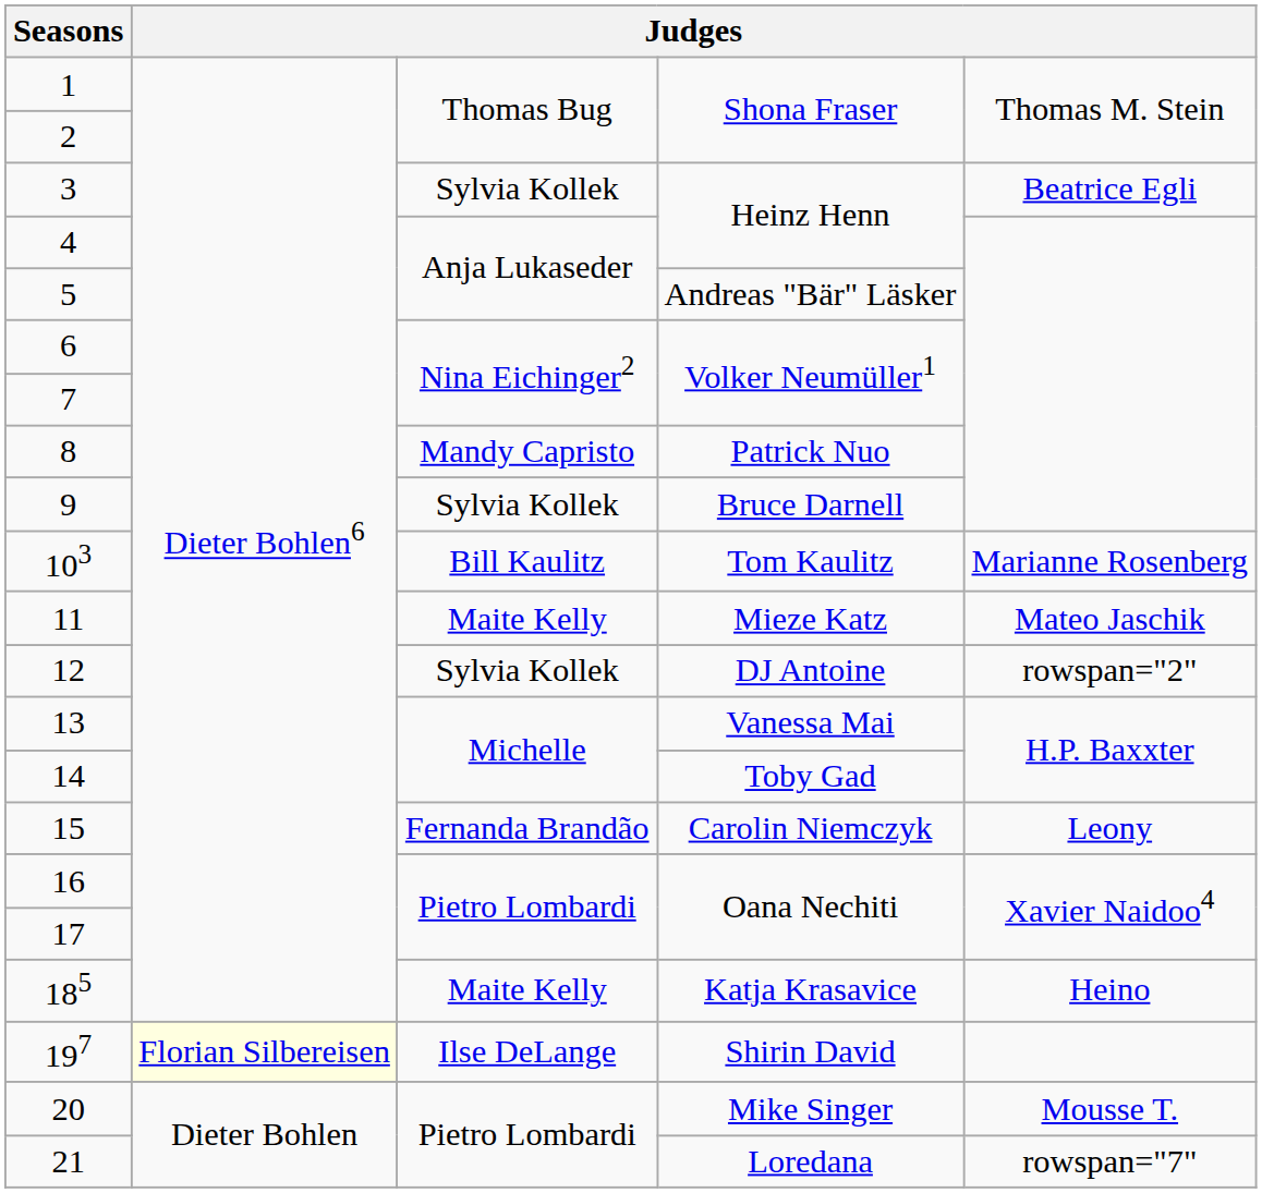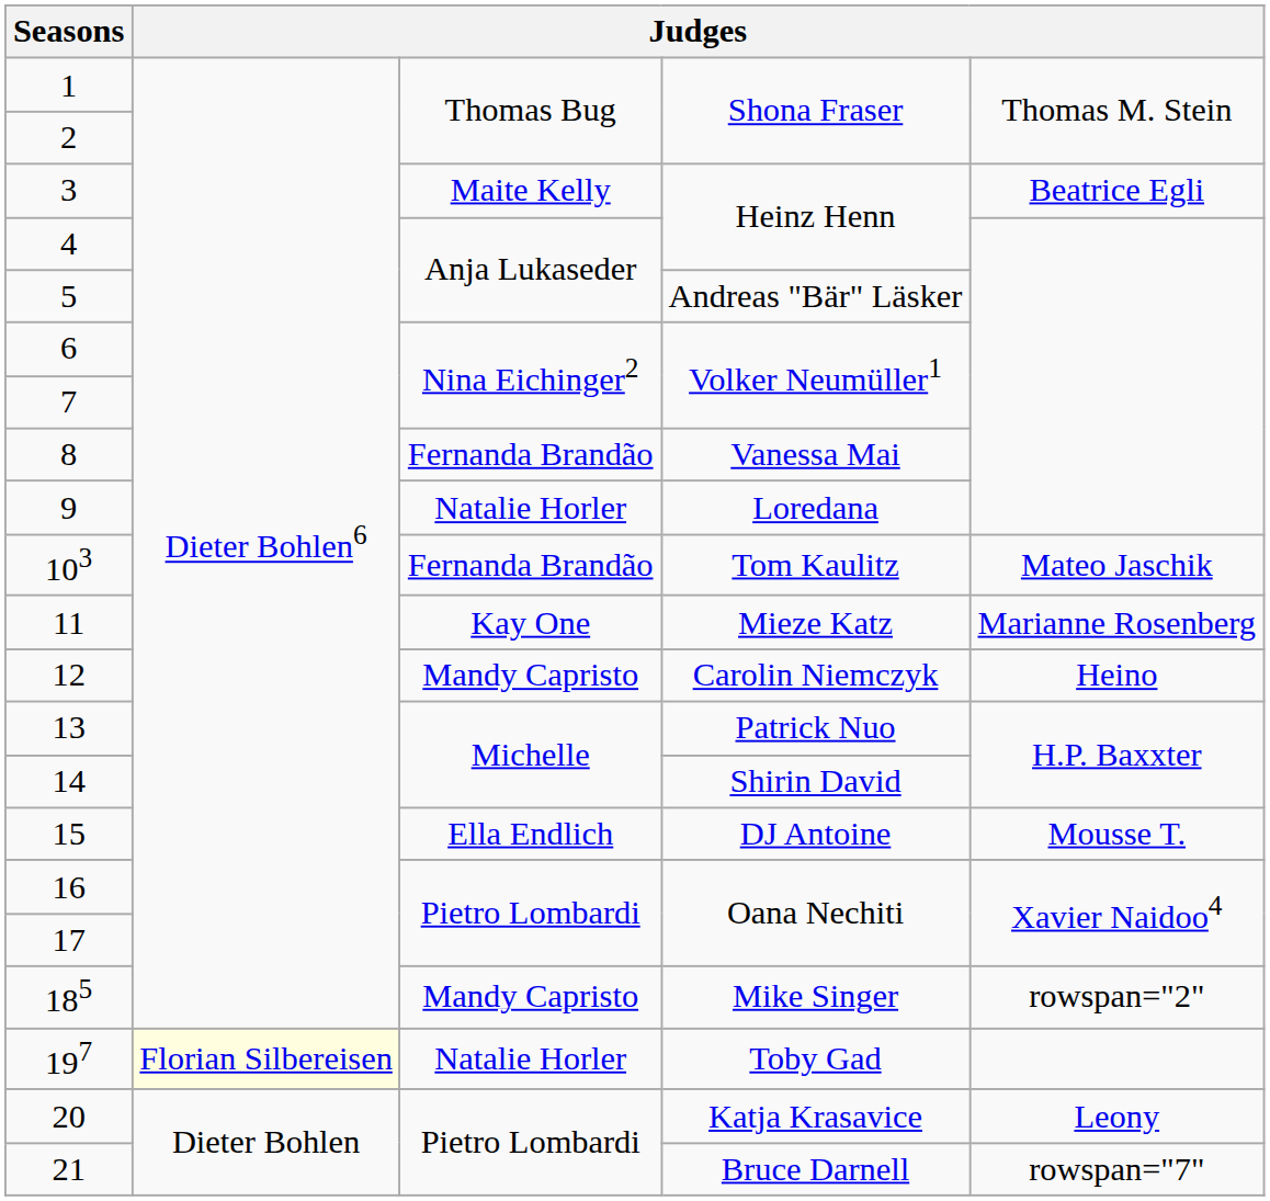 <table class="wikitable" style="text-align:center;">
 <tr>
 <th>Seasons</th>
 <th colspan="4">Judges</th>
 </tr>
 <tr>
 <td>1</td>
 <td rowspan="18"><a href='#'>Dieter Bohlen</a><sup>6</sup></td>
 <td rowspan="2">Thomas Bug</td>
 <td rowspan="2"><a href='#'>Shona Fraser</a></td>
 <td rowspan="2">Thomas M. Stein</td>
 </tr>
 <tr>
 <td>2</td>
 </tr>
 <tr>
 <td>3</td>
-<td>Sylvia Kollek</td>
+<td><a href='#'>Maite Kelly</a></td>
 <td rowspan="2">Heinz Henn</td>
 <td><a href='#'>Beatrice Egli</a></td>
 </tr>
 <tr>
 <td>4</td>
 <td rowspan="2">Anja Lukaseder</td>
 </tr>
 <tr>
 <td>5</td>
 <td>Andreas "Bär" Läsker</td>
 </tr>
 <tr>
 <td>6</td>
 <td rowspan="2"><a href='#'>Nina Eichinger</a><sup>2</sup></td>
 <td rowspan="2"><a href='#'>Volker Neumüller</a><sup>1</sup></td>
 </tr>
 <tr>
 <td>7</td>
 </tr>
 <tr>
 <td>8</td>
-<td><a href='#'>Mandy Capristo</a></td>
-<td><a href='#'>Patrick Nuo</a></td>
+<td><a href='#'>Fernanda Brandão</a></td>
+<td><a href='#'>Vanessa Mai</a></td>
 </tr>
 <tr>
 <td>9</td>
-<td>Sylvia Kollek</td>
-<td><a href='#'>Bruce Darnell</a></td>
+<td><a href='#'>Natalie Horler</a></td>
+<td><a href='#'>Loredana</a></td>
 </tr>
 <tr>
 <td>10<sup>3</sup></td>
-<td><a href='#'>Bill Kaulitz</a></td>
+<td><a href='#'>Fernanda Brandão</a></td>
 <td><a href='#'>Tom Kaulitz</a></td>
+<td><a href='#'>Mateo Jaschik</a></td>
+</tr>
+<tr>
+<td>11</td>
+<td><a href='#'>Kay One</a></td>
+<td><a href='#'>Mieze Katz</a></td>
 <td><a href='#'>Marianne Rosenberg</a></td>
 </tr>
 <tr>
-<td>11</td>
-<td><a href='#'>Maite Kelly</a></td>
-<td><a href='#'>Mieze Katz</a></td>
-<td><a href='#'>Mateo Jaschik</a></td>
-</tr>
-<tr>
 <td>12</td>
-<td>Sylvia Kollek</td>
-<td><a href='#'>DJ Antoine</a></td>
-<td>rowspan="2" </td>
+<td><a href='#'>Mandy Capristo</a></td>
+<td><a href='#'>Carolin Niemczyk</a></td>
+<td><a href='#'>Heino</a></td>
 </tr>
 <tr>
 <td>13</td>
 <td rowspan="2"><a href='#'>Michelle</a></td>
-<td><a href='#'>Vanessa Mai</a></td>
+<td><a href='#'>Patrick Nuo</a></td>
 <td rowspan="2"><a href='#'>H.P. Baxxter</a></td>
 </tr>
 <tr>
 <td>14</td>
-<td><a href='#'>Toby Gad</a></td>
+<td><a href='#'>Shirin David</a></td>
 </tr>
 <tr>
 <td>15</td>
-<td><a href='#'>Fernanda Brandão</a></td>
-<td><a href='#'>Carolin Niemczyk</a></td>
-<td><a href='#'>Leony</a></td>
+<td><a href='#'>Ella Endlich</a></td>
+<td><a href='#'>DJ Antoine</a></td>
+<td><a href='#'>Mousse T.</a></td>
 </tr>
 <tr>
 <td>16</td>
 <td rowspan="2"><a href='#'>Pietro Lombardi</a></td>
 <td rowspan="2">Oana Nechiti</td>
 <td rowspan="2"><a href='#'>Xavier Naidoo</a><sup>4</sup></td>
 </tr>
 <tr>
 <td>17</td>
 </tr>
 <tr>
 <td>18<sup>5</sup></td>
-<td><a href='#'>Maite Kelly</a></td>
-<td><a href='#'>Katja Krasavice</a></td>
-<td><a href='#'>Heino</a></td>
+<td><a href='#'>Mandy Capristo</a></td>
+<td><a href='#'>Mike Singer</a></td>
+<td>rowspan="2" </td>
 </tr>
 <tr>
 <td>19<sup>7</sup></td>
 <td style="background: lightyellow;"><a href='#'>Florian Silbereisen</a></td>
-<td><a href='#'>Ilse DeLange</a></td>
-<td><a href='#'>Shirin David</a></td>
+<td><a href='#'>Natalie Horler</a></td>
+<td><a href='#'>Toby Gad</a></td>
 </tr>
 <tr>
 <td>20</td>
 <td rowspan="2">Dieter Bohlen</td>
 <td rowspan="2">Pietro Lombardi</td>
-<td><a href='#'>Mike Singer</a></td>
-<td><a href='#'>Mousse T.</a></td>
+<td><a href='#'>Katja Krasavice</a></td>
+<td><a href='#'>Leony</a></td>
 </tr>
 <tr>
 <td>21</td>
-<td><a href='#'>Loredana</a></td>
+<td><a href='#'>Bruce Darnell</a></td>
 <td>rowspan="7" </td>
 </tr>
 </table>
